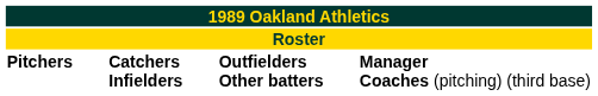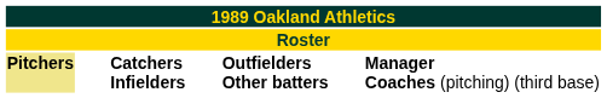 <table class="toccolours" style="font-size: 95%;">
 <tr>
 <th colspan="10" style="background-color: #003831; color: #FFD800; text-align: center;">1989 Oakland Athletics</th>
 </tr>
 <tr>
 <td colspan="10" style="background-color: #FFD800; color: #003831; text-align: center;"><strong>Roster</strong></td>
 </tr>
 <tr>
-<td valign="top"><strong>Pitchers</strong><br>               </td>
+<td valign="top" style="background: khaki;"><strong>Pitchers</strong><br>               </td>
 <td width="25px"></td>
 <td valign="top"><strong>Catchers</strong><br>   <strong>Infielders</strong>           </td>
 <td width="25px"></td>
 <td valign="top"><strong>Outfielders</strong><br>           <strong>Other batters</strong> </td>
 <td width="25px"></td>
 <td valign="top"><strong>Manager</strong><br> <strong>Coaches</strong>  (pitching)   (third base)   </td>
 </tr>
 </table>
